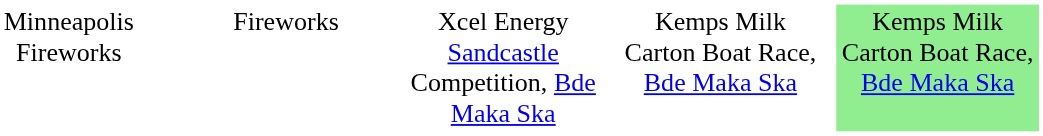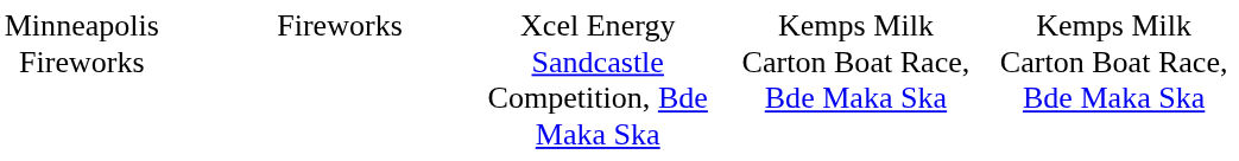 <table style="font-size:90%; text-align:center;" cellspacing="8">
 <tr style="vertical-align:top">
 <td></td>
 <td></td>
 <td></td>
 <td></td>
 <td></td>
 </tr>
 <tr style="vertical-align:top">
 <td style="width:110px">Minneapolis Fireworks</td>
 <td style="width:110px">Fireworks</td>
 <td style="width:110px">Xcel Energy <a href='#'>Sandcastle</a> Competition, <a href='#'>Bde Maka Ska</a></td>
 <td style="width:110px">Kemps Milk Carton Boat Race, <a href='#'>Bde Maka Ska</a></td>
-<td style="background: lightgreen; width:110px">Kemps Milk Carton Boat Race, <a href='#'>Bde Maka Ska</a></td>
+<td style="width:110px">Kemps Milk Carton Boat Race, <a href='#'>Bde Maka Ska</a></td>
 </tr>
 </table>
